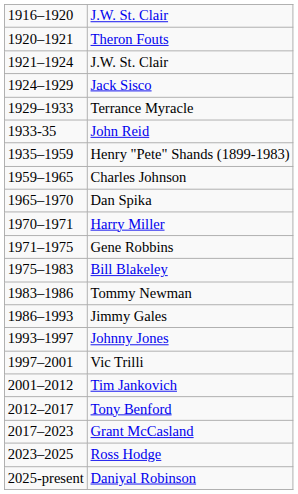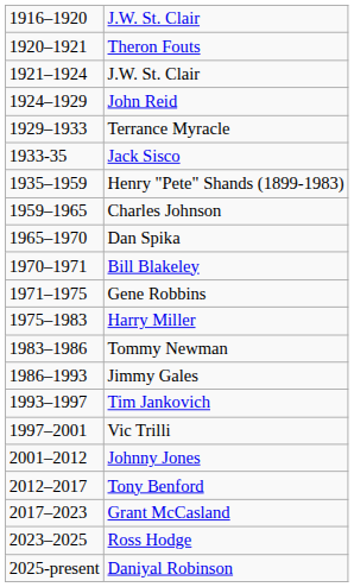 <table class="wikitable">
 <tr>
 <td>1916–1920</td>
 <td><a href='#'>J.W. St. Clair</a></td>
 </tr>
 <tr>
 <td>1920–1921</td>
 <td><a href='#'>Theron Fouts</a></td>
 </tr>
 <tr>
 <td>1921–1924</td>
 <td>J.W. St. Clair</td>
 </tr>
 <tr>
 <td>1924–1929</td>
-<td><a href='#'>Jack Sisco</a></td>
+<td><a href='#'>John Reid</a></td>
 </tr>
 <tr>
 <td>1929–1933</td>
 <td>Terrance Myracle</td>
 </tr>
 <tr>
 <td>1933-35</td>
-<td><a href='#'>John Reid</a></td>
+<td><a href='#'>Jack Sisco</a></td>
 </tr>
 <tr>
 <td>1935–1959</td>
 <td>Henry "Pete" Shands (1899-1983)</td>
 </tr>
 <tr>
 <td>1959–1965</td>
 <td>Charles Johnson</td>
 </tr>
 <tr>
 <td>1965–1970</td>
 <td>Dan Spika</td>
 </tr>
 <tr>
 <td>1970–1971</td>
-<td><a href='#'>Harry Miller</a></td>
+<td><a href='#'>Bill Blakeley</a></td>
 </tr>
 <tr>
 <td>1971–1975</td>
 <td>Gene Robbins</td>
 </tr>
 <tr>
 <td>1975–1983</td>
-<td><a href='#'>Bill Blakeley</a></td>
+<td><a href='#'>Harry Miller</a></td>
 </tr>
 <tr>
 <td>1983–1986</td>
 <td>Tommy Newman</td>
 </tr>
 <tr>
 <td>1986–1993</td>
 <td>Jimmy Gales</td>
 </tr>
 <tr>
 <td>1993–1997</td>
-<td><a href='#'>Johnny Jones</a></td>
+<td><a href='#'>Tim Jankovich</a></td>
 </tr>
 <tr>
 <td>1997–2001</td>
 <td>Vic Trilli</td>
 </tr>
 <tr>
 <td>2001–2012</td>
-<td><a href='#'>Tim Jankovich</a></td>
+<td><a href='#'>Johnny Jones</a></td>
 </tr>
 <tr>
 <td>2012–2017</td>
 <td><a href='#'>Tony Benford</a></td>
 </tr>
 <tr>
 <td>2017–2023</td>
 <td><a href='#'>Grant McCasland</a></td>
 </tr>
 <tr>
 <td>2023–2025</td>
 <td><a href='#'>Ross Hodge</a></td>
 </tr>
 <tr>
 <td>2025-present</td>
 <td><a href='#'>Daniyal Robinson</a></td>
 </tr>
 </table>
